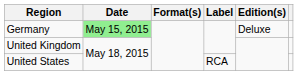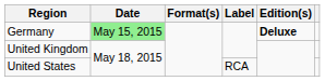 <table class="wikitable plainrowheaders">
 <tr>
 <th scope="col">Region</th>
 <th scope="col">Date</th>
 <th scope="col">Format(s)</th>
 <th scope="col">Label</th>
 <th scope="col">Edition(s)</th>
 <th scope="col"></th>
 </tr>
 <tr>
 <td>Germany</td>
 <td style="background: lightgreen;">May 15, 2015</td>
 <td rowspan="3"></td>
 <td rowspan="2"></td>
-<td>Deluxe</td>
+<td><strong>Deluxe</strong></td>
 <td></td>
 </tr>
 <tr>
 <td>United Kingdom</td>
 <td rowspan="2">May 18, 2015</td>
 <td rowspan="2"></td>
 <td></td>
 </tr>
 <tr>
 <td>United States</td>
 <td>RCA</td>
 <td></td>
 </tr>
 </table>
